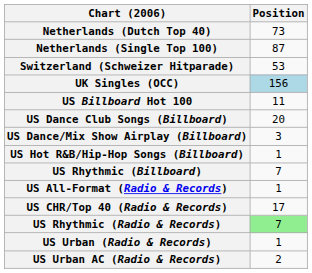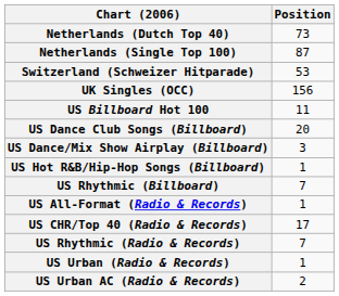 <table class="wikitable plainrowheaders sortable" style="text-align:center">
 <tr>
 <th scope="col">Chart (2006)</th>
 <th scope="col">Position</th>
 </tr>
 <tr>
 <th scope="row">Netherlands (Dutch Top 40)</th>
 <td>73</td>
 </tr>
 <tr>
 <th scope="row">Netherlands (Single Top 100)</th>
 <td>87</td>
 </tr>
 <tr>
 <th scope="row">Switzerland (Schweizer Hitparade)</th>
 <td>53</td>
 </tr>
 <tr>
 <th scope="row">UK Singles (OCC)</th>
-<td style="background: lightblue;">156</td>
+<td>156</td>
 </tr>
 <tr>
 <th scope="row">US <em>Billboard</em> Hot 100</th>
 <td>11</td>
 </tr>
 <tr>
 <th scope="row">US Dance Club Songs (<em>Billboard</em>)</th>
 <td>20</td>
 </tr>
 <tr>
 <th scope="row">US Dance/Mix Show Airplay (<em>Billboard</em>)</th>
 <td>3</td>
 </tr>
 <tr>
 <th scope="row">US Hot R&B/Hip-Hop Songs (<em>Billboard</em>)</th>
 <td>1</td>
 </tr>
 <tr>
 <th scope="row">US Rhythmic (<em>Billboard</em>)</th>
 <td>7</td>
 </tr>
 <tr>
 <th scope="row">US All-Format (<em><a href='#'>Radio & Records</a></em>)</th>
 <td>1</td>
 </tr>
 <tr>
 <th scope="row">US CHR/Top 40 (<em>Radio & Records</em>)</th>
 <td>17</td>
 </tr>
 <tr>
 <th scope="row">US Rhythmic (<em>Radio & Records</em>)</th>
-<td style="background: lightgreen;">7</td>
+<td>7</td>
 </tr>
 <tr>
 <th scope="row">US Urban (<em>Radio & Records</em>)</th>
 <td>1</td>
 </tr>
 <tr>
 <th scope="row">US Urban AC (<em>Radio & Records</em>)</th>
 <td>2</td>
 </tr>
 </table>
